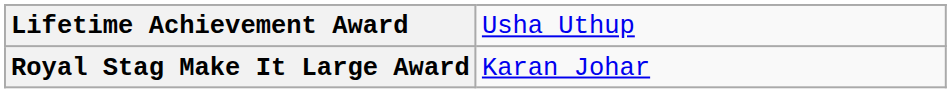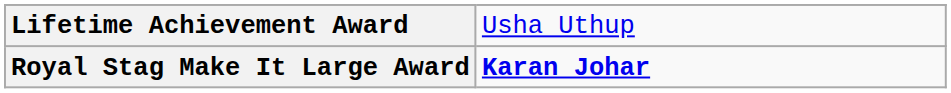 <table class="wikitable">
 <tr>
 <th style="text-align: left; width:50%;">Lifetime Achievement Award</th>
 <td><a href='#'>Usha Uthup</a></td>
 </tr>
 <tr>
 <th style="text-align: left;">Royal Stag Make It Large Award</th>
-<td><a href='#'>Karan Johar</a></td>
+<td><strong><a href='#'>Karan Johar</a></strong></td>
 </tr>
 </table>
